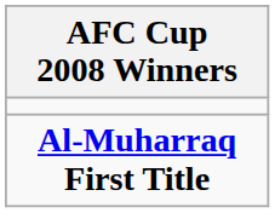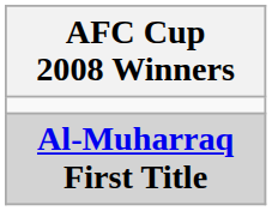 <table class="wikitable" style="text-align: center; margin: 0 auto; width: 20%">
 <tr>
 <th>AFC Cup <br>2008 Winners</th>
 </tr>
 <tr>
 <td></td>
 </tr>
 <tr>
-<td><strong><a href='#'>Al-Muharraq</a></strong><br><strong>First Title</strong></td>
+<td style="background: lightgrey;"><strong><a href='#'>Al-Muharraq</a></strong><br><strong>First Title</strong></td>
 </tr>
 </table>
